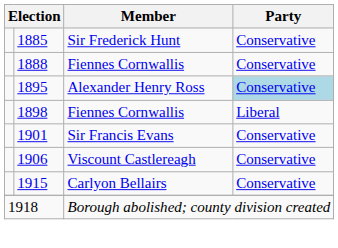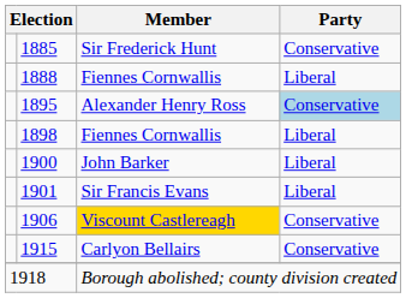 <table class="wikitable">
 <tr>
 <th colspan="2">Election</th>
 <th>Member</th>
 <th>Party</th>
 </tr>
 <tr>
 <td style="color:inherit;background-color: "></td>
 <td><a href='#'>1885</a></td>
 <td><a href='#'>Sir Frederick Hunt</a></td>
 <td><a href='#'>Conservative</a></td>
 </tr>
 <tr>
 <td style="color:inherit;background-color: "></td>
 <td><a href='#'>1888</a></td>
 <td><a href='#'>Fiennes Cornwallis</a></td>
-<td><a href='#'>Conservative</a></td>
+<td><a href='#'>Liberal</a></td>
 </tr>
 <tr>
 <td style="color:inherit;background-color: "></td>
 <td><a href='#'>1895</a></td>
 <td><a href='#'>Alexander Henry Ross</a></td>
 <td style="background: lightblue;"><a href='#'>Conservative</a></td>
 </tr>
 <tr>
 <td style="color:inherit;background-color: "></td>
 <td><a href='#'>1898</a></td>
 <td><a href='#'>Fiennes Cornwallis</a></td>
 <td><a href='#'>Liberal</a></td>
 </tr>
 <tr>
 <td style="color:inherit;background-color: "></td>
+<td><a href='#'>1900</a></td>
+<td><a href='#'>John Barker</a></td>
+<td><a href='#'>Liberal</a></td>
+</tr>
+<tr>
+<td style="color:inherit;background-color: "></td>
 <td><a href='#'>1901</a></td>
 <td><a href='#'>Sir Francis Evans</a></td>
-<td><a href='#'>Conservative</a></td>
+<td><a href='#'>Liberal</a></td>
 </tr>
 <tr>
 <td style="color:inherit;background-color: "></td>
 <td><a href='#'>1906</a></td>
-<td><a href='#'>Viscount Castlereagh</a></td>
+<td style="background: gold;"><a href='#'>Viscount Castlereagh</a></td>
 <td><a href='#'>Conservative</a></td>
 </tr>
 <tr>
 <td style="color:inherit;background-color: "></td>
 <td><a href='#'>1915</a></td>
 <td><a href='#'>Carlyon Bellairs</a></td>
 <td><a href='#'>Conservative</a></td>
 </tr>
 <tr>
 </tr>
 <tr>
 <td colspan="2">1918</td>
 <td colspan="2"><em>Borough abolished; county division created</em></td>
 </tr>
 </table>
